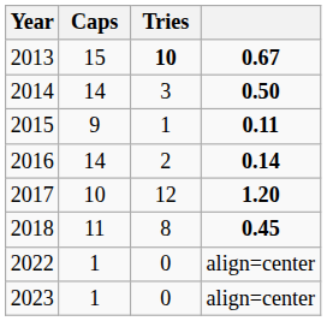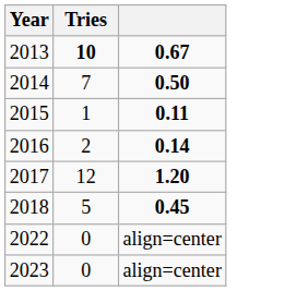 <table class="wikitable" style=”text-align:center">
 <tr>
 <th>Year</th>
-<th align=center width=45px>Caps</th>
 <th align=center width=45px>Tries</th>
 <th></th>
 </tr>
 <tr>
 <td>2013</td>
-<td align=center>15</td>
 <td align=center><strong>10</strong></td>
 <td align=center><strong>0.67</strong></td>
 </tr>
 <tr>
 <td>2014</td>
-<td align=center>14</td>
-<td align=center>3</td>
+<td align=center>7</td>
 <td align=center><strong>0.50</strong></td>
 </tr>
 <tr>
 <td>2015</td>
-<td align=center>9</td>
 <td align=center>1</td>
 <td align=center><strong>0.11</strong></td>
 </tr>
 <tr>
 <td>2016</td>
-<td align=center>14</td>
 <td align=center>2</td>
 <td align=center><strong>0.14</strong></td>
 </tr>
 <tr>
 <td>2017</td>
-<td align=center>10</td>
 <td align=center>12</td>
 <td align=center><strong>1.20</strong></td>
 </tr>
 <tr>
 <td>2018</td>
-<td align=center>11</td>
-<td align=center>8</td>
+<td align=center>5</td>
 <td align=center><strong>0.45</strong></td>
 </tr>
 <tr>
 <td>2022</td>
-<td align=center>1</td>
 <td align=center>0</td>
 <td>align=center </td>
 </tr>
 <tr>
 <td>2023</td>
-<td align=center>1</td>
 <td align=center>0</td>
 <td>align=center </td>
 </tr>
 </table>
